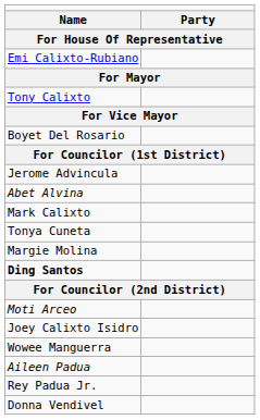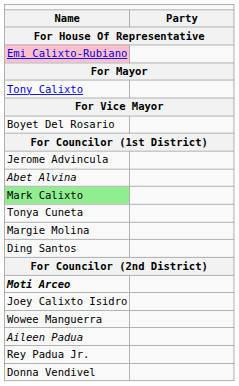 <table class="wikitable" style="font-size:90%">
 <tr>
 <td colspan="5" style="color:inherit;background:"></td>
 </tr>
 <tr>
 <th !width=150px>Name</th>
 <th colspan=2 width=110px>Party</th>
 </tr>
 <tr>
 <th colspan="3">For House Of Representative</th>
 </tr>
 <tr>
-<td><a href='#'>Emi Calixto-Rubiano</a></td>
+<td style="background: pink;"><a href='#'>Emi Calixto-Rubiano</a></td>
 <td></td>
 </tr>
 <tr>
 <th colspan="3">For Mayor</th>
 </tr>
 <tr>
 <td><a href='#'>Tony Calixto</a></td>
 <td></td>
 </tr>
 <tr>
 <th colspan="3">For Vice Mayor</th>
 </tr>
 <tr>
 <td>Boyet Del Rosario</td>
 <td></td>
 </tr>
 <tr>
 <th colspan="3">For Councilor (1st District)</th>
 </tr>
 <tr>
 <td>Jerome Advincula</td>
 <td></td>
 </tr>
 <tr>
 <td><em>Abet Alvina</em></td>
 <td></td>
 </tr>
 <tr>
-<td>Mark Calixto</td>
+<td style="background: lightgreen;">Mark Calixto</td>
 <td></td>
 </tr>
 <tr>
 <td>Tonya Cuneta</td>
 <td></td>
 </tr>
 <tr>
 <td>Margie Molina</td>
 <td></td>
 </tr>
 <tr>
-<td><strong>Ding Santos</strong></td>
+<td>Ding Santos</td>
 <td></td>
 </tr>
 <tr>
 <th colspan="3">For Councilor (2nd District)</th>
 </tr>
 <tr>
-<td><em>Moti Arceo</em></td>
+<td><strong><em>Moti Arceo</em></strong></td>
 <td></td>
 </tr>
 <tr>
 <td>Joey Calixto Isidro</td>
 <td></td>
 </tr>
 <tr>
 <td>Wowee Manguerra</td>
 <td></td>
 </tr>
 <tr>
 <td><em>Aileen Padua</em></td>
 <td></td>
 </tr>
 <tr>
 <td>Rey Padua Jr.</td>
 <td></td>
 </tr>
 <tr>
 <td>Donna Vendivel</td>
 <td></td>
 </tr>
 </table>
